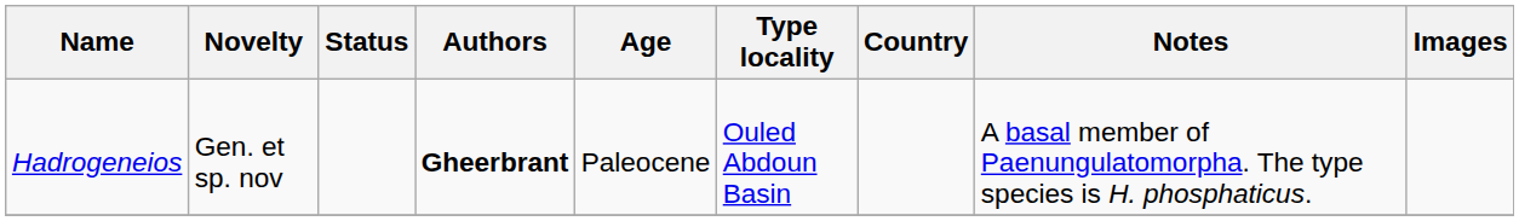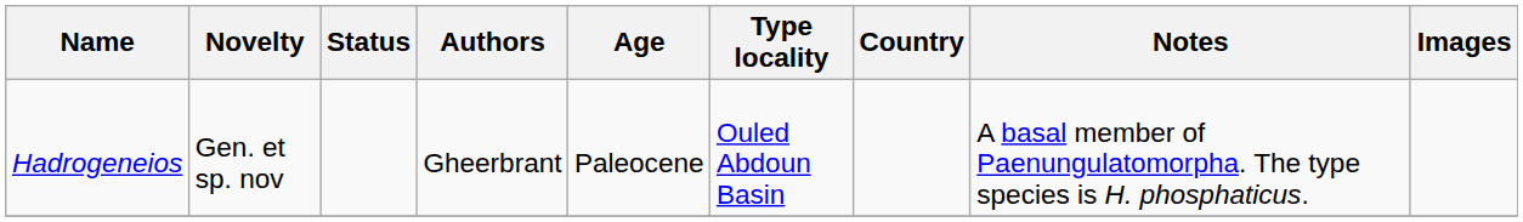 <table class="wikitable sortable" align="center" width="100%">
 <tr>
 <th>Name</th>
 <th>Novelty</th>
 <th>Status</th>
 <th>Authors</th>
 <th>Age</th>
 <th>Type locality</th>
 <th>Country</th>
 <th>Notes</th>
 <th>Images</th>
 </tr>
 <tr>
 <td><br><em><a href='#'>Hadrogeneios</a></em></td>
 <td><br>Gen. et sp. nov</td>
 <td></td>
-<td><strong><br>Gheerbrant</strong></td>
+<td><br>Gheerbrant</td>
 <td><br>Paleocene</td>
 <td><br><a href='#'>Ouled Abdoun Basin</a></td>
 <td><br></td>
 <td><br>A <a href='#'>basal</a> member of <a href='#'>Paenungulatomorpha</a>. The type species is <em>H. phosphaticus</em>.</td>
 <td></td>
 </tr>
 <tr>
 </tr>
 </table>
